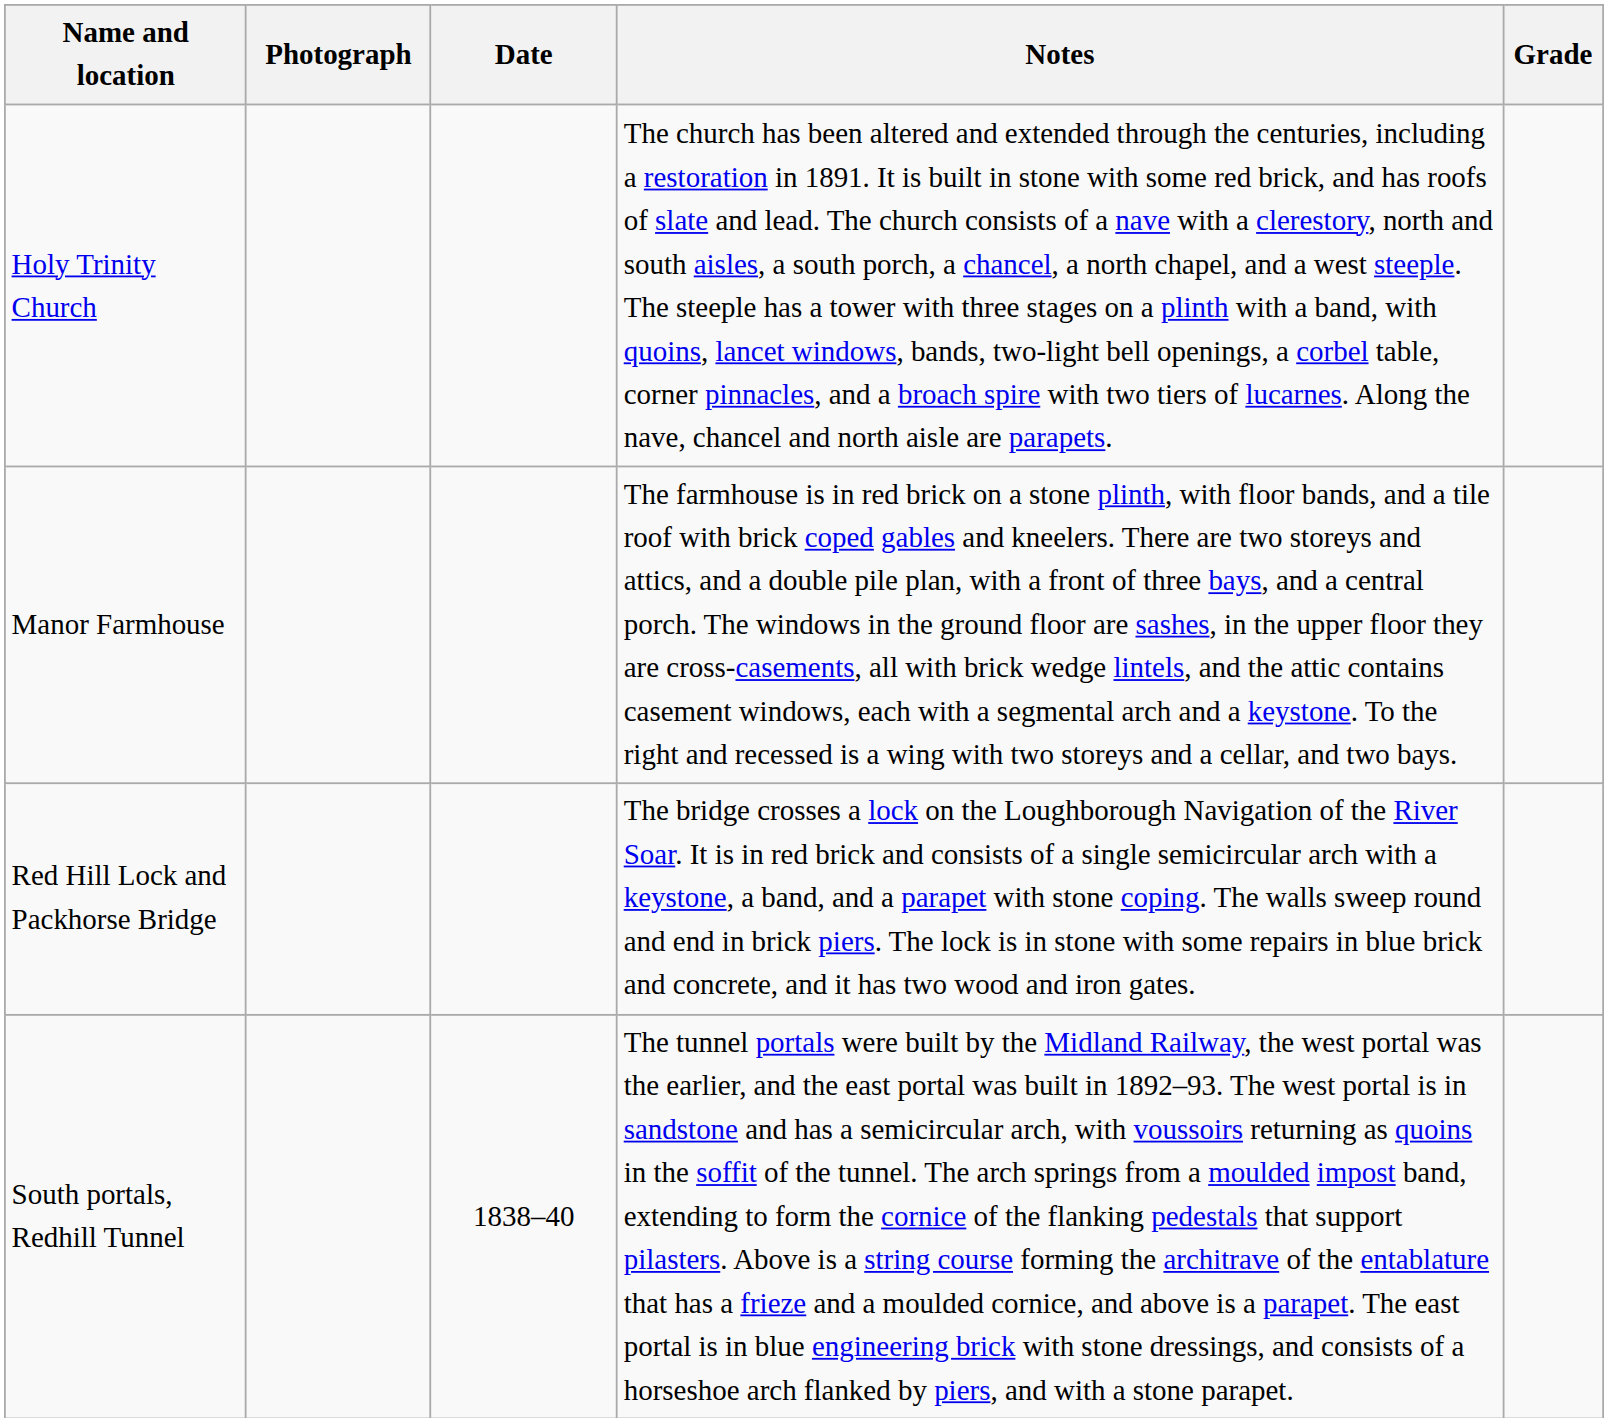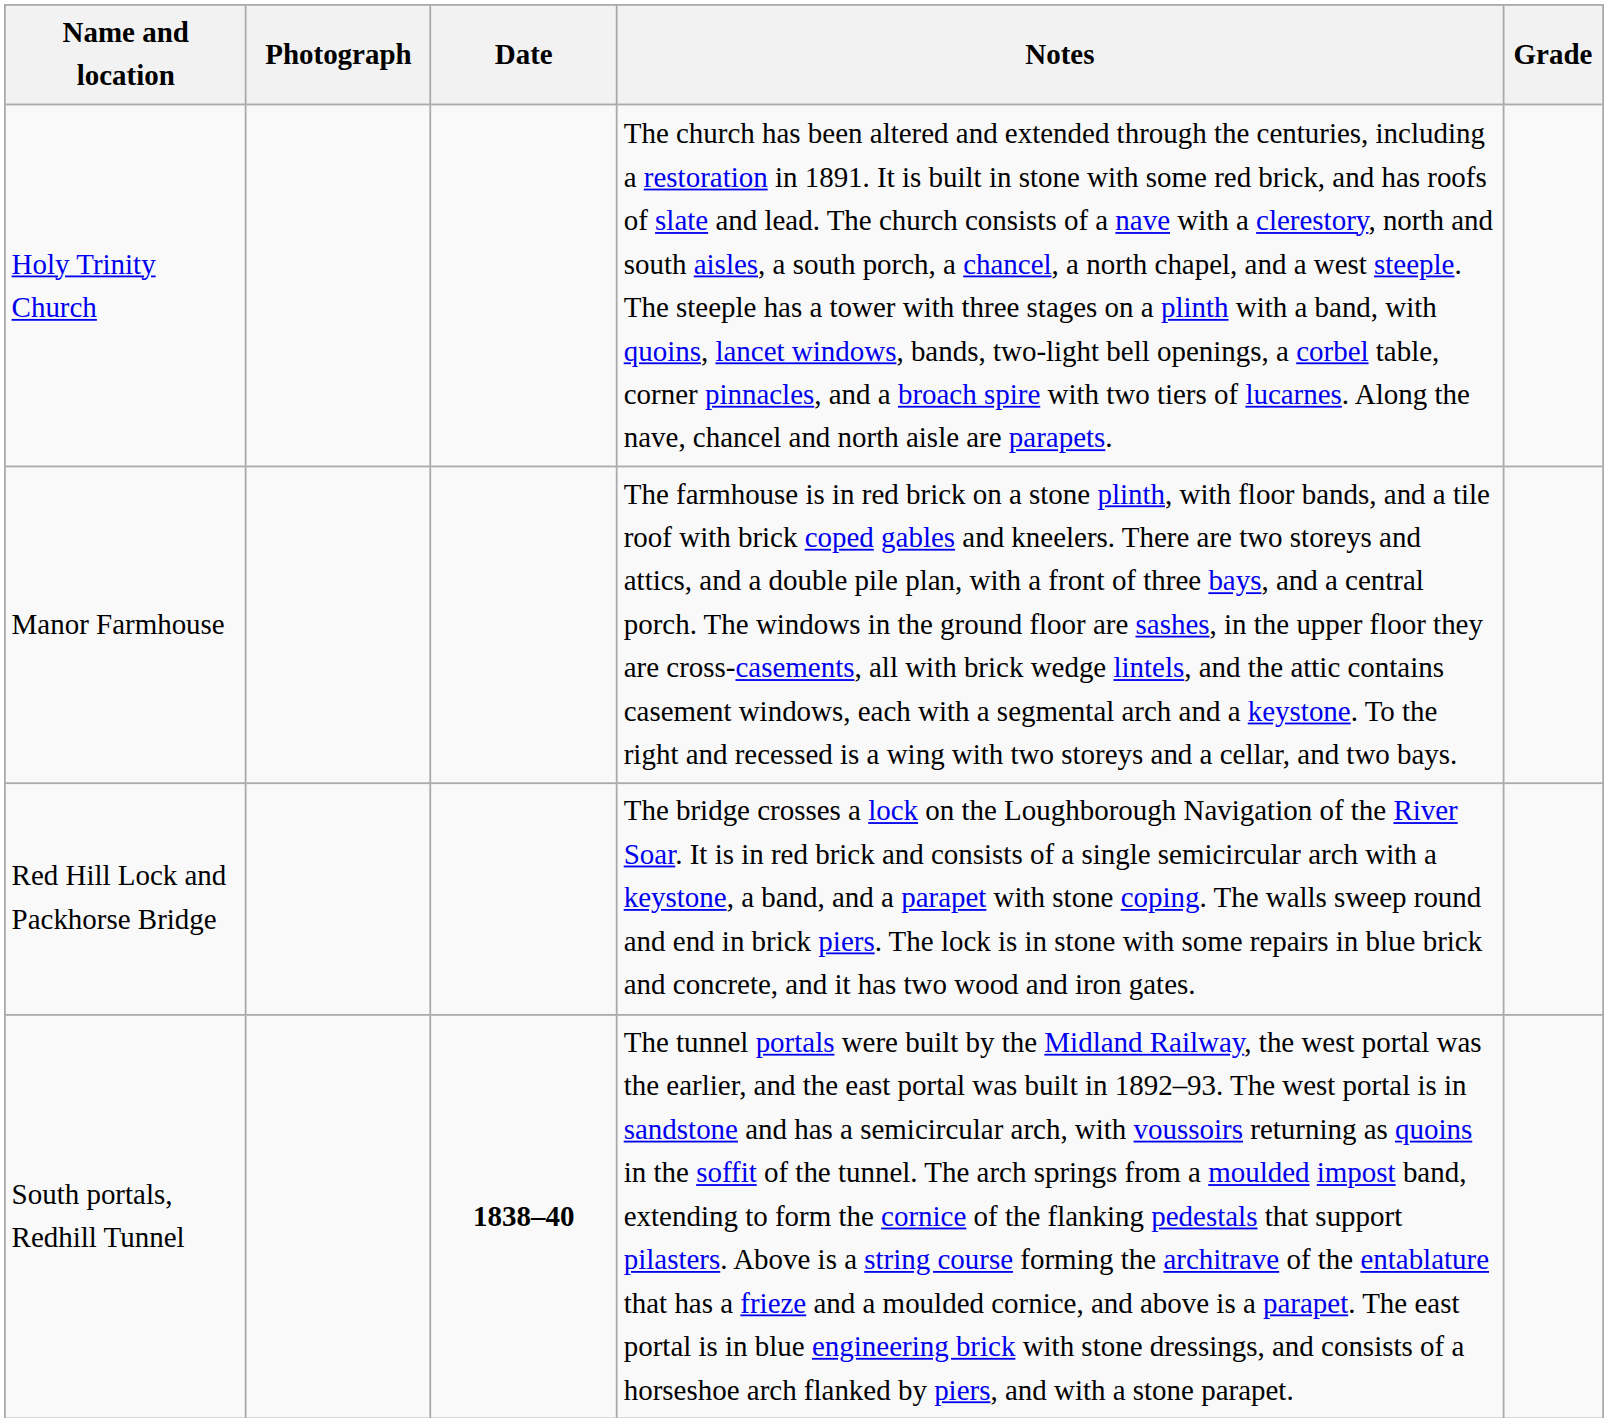 <table class="wikitable sortable plainrowheaders" style="width:100%; border:0px; text-align:left; line-height:150%">
 <tr>
 <th scope="col"  style="width:150px">Name and location</th>
 <th scope="col"  style="width:100px" class="unsortable">Photograph</th>
 <th scope="col"  style="width:120px">Date</th>
 <th scope="col"  style="width:650px" class="unsortable">Notes</th>
 <th scope="col"  style="width:50px">Grade</th>
 </tr>
 <tr>
 <td><a href='#'>Holy Trinity Church</a><br><small></small></td>
 <td></td>
 <td align="center"></td>
 <td>The church has been altered and extended through the centuries, including a <a href='#'>restoration</a> in 1891.  It is built in stone with some red brick, and has roofs of <a href='#'>slate</a> and lead.  The church consists of a <a href='#'>nave</a> with a <a href='#'>clerestory</a>, north and south <a href='#'>aisles</a>, a south porch, a <a href='#'>chancel</a>, a north chapel, and a west <a href='#'>steeple</a>.  The steeple has a tower with three stages on a <a href='#'>plinth</a> with a band, with <a href='#'>quoins</a>, <a href='#'>lancet windows</a>, bands, two-light bell openings, a <a href='#'>corbel</a> table, corner <a href='#'>pinnacles</a>, and a <a href='#'>broach spire</a> with two tiers of <a href='#'>lucarnes</a>.  Along the nave, chancel and north aisle are <a href='#'>parapets</a>.</td>
 <td align="center" ></td>
 </tr>
 <tr>
 <td>Manor Farmhouse<br><small></small></td>
 <td></td>
 <td align="center"></td>
 <td>The farmhouse is in red brick on a stone <a href='#'>plinth</a>, with floor bands, and a tile roof with brick <a href='#'>coped</a> <a href='#'>gables</a> and kneelers.  There are two storeys and attics, and a double pile plan, with a front of three <a href='#'>bays</a>, and a central porch.  The windows in the ground floor are <a href='#'>sashes</a>, in the upper floor they are cross-<a href='#'>casements</a>, all with brick wedge <a href='#'>lintels</a>, and the attic contains casement windows, each with a segmental arch and a <a href='#'>keystone</a>.  To the right and recessed is a wing with two storeys and a cellar, and two bays.</td>
 <td align="center" ></td>
 </tr>
 <tr>
 <td>Red Hill Lock and Packhorse Bridge<br><small></small></td>
 <td></td>
 <td align="center"></td>
 <td>The bridge crosses a <a href='#'>lock</a> on the Loughborough Navigation of the <a href='#'>River Soar</a>.  It is in red brick and consists of a single semicircular arch with a <a href='#'>keystone</a>, a band, and a <a href='#'>parapet</a> with stone <a href='#'>coping</a>.  The walls sweep round and end in brick <a href='#'>piers</a>.  The lock is in stone with some repairs in blue brick and concrete, and it has two wood and iron gates.</td>
 <td align="center" ></td>
 </tr>
 <tr>
 <td>South portals, Redhill Tunnel<br><small></small></td>
 <td></td>
-<td align="center">1838–40</td>
+<td align="center"><strong>1838–40</strong></td>
 <td>The tunnel <a href='#'>portals</a> were built by the <a href='#'>Midland Railway</a>, the west portal was the earlier, and the east portal was built in 1892–93.  The west portal is in <a href='#'>sandstone</a> and has a semicircular arch, with <a href='#'>voussoirs</a> returning as <a href='#'>quoins</a> in the <a href='#'>soffit</a> of the tunnel.  The arch springs from a <a href='#'>moulded</a> <a href='#'>impost</a> band, extending to form the <a href='#'>cornice</a> of the flanking <a href='#'>pedestals</a> that support <a href='#'>pilasters</a>.  Above is a <a href='#'>string course</a> forming the <a href='#'>architrave</a> of the <a href='#'>entablature</a> that has a <a href='#'>frieze</a> and a moulded cornice, and above is a <a href='#'>parapet</a>.  The east portal is in blue <a href='#'>engineering brick</a> with stone dressings, and consists of a horseshoe arch flanked by <a href='#'>piers</a>, and with a stone parapet.</td>
 <td align="center" ></td>
 </tr>
 <tr>
 </tr>
 </table>
